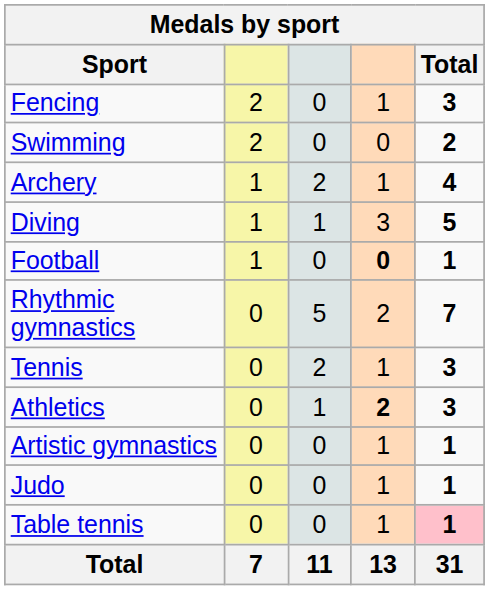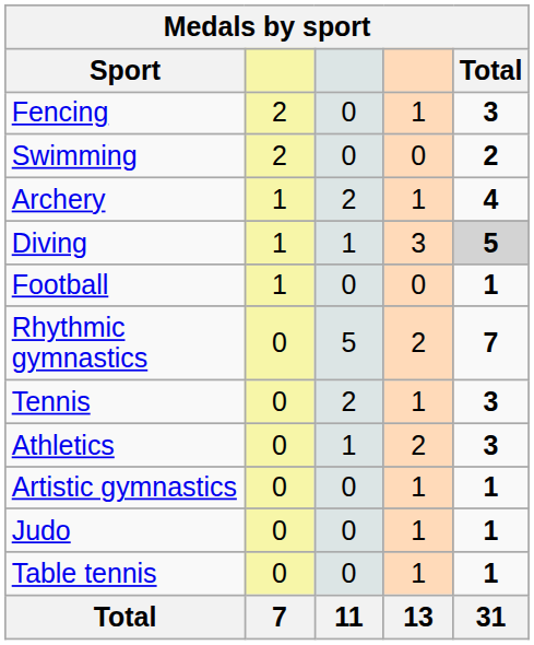 <table class="wikitable" style="font-size:90%; text-align:center;">
 <tr>
 <th colspan=5>Medals by sport</th>
 </tr>
 <tr>
 <th width=120>Sport</th>
 <th scope="col" width=30 style="background:#F7F6A8;"></th>
 <th scope="col" width=30 style="background:#DCE5E5;"></th>
 <th scope="col" width=30 style="background:#FFDAB9;"></th>
 <th width=30>Total</th>
 </tr>
 <tr>
 <td align=left><a href='#'>Fencing</a></td>
 <td style="background:#F7F6A8;">2</td>
 <td style="background:#DCE5E5;">0</td>
 <td style="background:#FFDAB9;">1</td>
 <td><strong>3</strong></td>
 </tr>
 <tr>
 <td align=left><a href='#'>Swimming</a></td>
 <td style="background:#F7F6A8;">2</td>
 <td style="background:#DCE5E5;">0</td>
 <td style="background:#FFDAB9;">0</td>
 <td><strong>2</strong></td>
 </tr>
 <tr>
 <td align=left><a href='#'>Archery</a></td>
 <td style="background:#F7F6A8;">1</td>
 <td style="background:#DCE5E5;">2</td>
 <td style="background:#FFDAB9;">1</td>
 <td><strong>4</strong></td>
 </tr>
 <tr>
 <td align=left><a href='#'>Diving</a></td>
 <td style="background:#F7F6A8;">1</td>
 <td style="background:#DCE5E5;">1</td>
 <td style="background:#FFDAB9;">3</td>
-<td><strong>5</strong></td>
+<td style="background: lightgrey;"><strong>5</strong></td>
 </tr>
 <tr>
 <td align=left><a href='#'>Football</a></td>
 <td style="background:#F7F6A8;">1</td>
 <td style="background:#DCE5E5;">0</td>
-<td style="background:#FFDAB9;"><strong>0</strong></td>
+<td style="background:#FFDAB9;">0</td>
 <td><strong>1</strong></td>
 </tr>
 <tr>
 <td align=left><a href='#'>Rhythmic gymnastics</a></td>
 <td style="background:#F7F6A8;">0</td>
 <td style="background:#DCE5E5;">5</td>
 <td style="background:#FFDAB9;">2</td>
 <td><strong>7</strong></td>
 </tr>
 <tr>
 <td align=left><a href='#'>Tennis</a></td>
 <td style="background:#F7F6A8;">0</td>
 <td style="background:#DCE5E5;">2</td>
 <td style="background:#FFDAB9;">1</td>
 <td><strong>3</strong></td>
 </tr>
 <tr>
 <td align=left><a href='#'>Athletics</a></td>
 <td style="background:#F7F6A8;">0</td>
 <td style="background:#DCE5E5;">1</td>
-<td style="background:#FFDAB9;"><strong>2</strong></td>
+<td style="background:#FFDAB9;">2</td>
 <td><strong>3</strong></td>
 </tr>
 <tr>
 <td align=left><a href='#'>Artistic gymnastics</a></td>
 <td style="background:#F7F6A8;">0</td>
 <td style="background:#DCE5E5;">0</td>
 <td style="background:#FFDAB9;">1</td>
 <td><strong>1</strong></td>
 </tr>
 <tr>
 <td align=left><a href='#'>Judo</a></td>
 <td style="background:#F7F6A8;">0</td>
 <td style="background:#DCE5E5;">0</td>
 <td style="background:#FFDAB9;">1</td>
 <td><strong>1</strong></td>
 </tr>
 <tr>
 <td align=left><a href='#'>Table tennis</a></td>
 <td style="background:#F7F6A8;">0</td>
 <td style="background:#DCE5E5;">0</td>
 <td style="background:#FFDAB9;">1</td>
-<td style="background: pink;"><strong>1</strong></td>
+<td><strong>1</strong></td>
 </tr>
 <tr class="sortbottom">
 <th>Total</th>
 <th>7</th>
 <th>11</th>
 <th>13</th>
 <th>31</th>
 </tr>
 </table>
